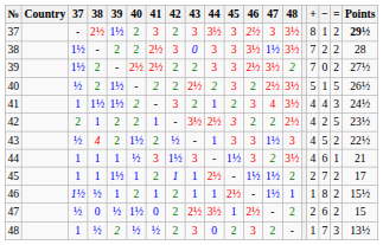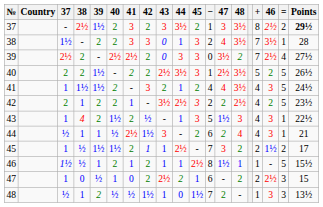 <table class="wikitable" style="text-align:center">
 <tr>
 <th>№</th>
 <th>Country</th>
 <th>37</th>
 <th>38</th>
 <th>39</th>
 <th>40</th>
 <th>41</th>
 <th>42</th>
 <th>43</th>
 <th>44</th>
 <th>45</th>
-<th>46</th>
+<th>−</th>
 <th>47</th>
 <th>48</th>
 <th></th>
 <th>+</th>
-<th>−</th>
+<th>46</th>
 <th>=</th>
 <th>Points</th>
 </tr>
 <tr>
 <td>37</td>
 <td style="text-align: left"></td>
 <td>-</td>
 <td style="color:red;">2½</td>
 <td style="color:blue;">1½</td>
 <td style="color:green;">2</td>
 <td style="color:red;">3</td>
 <td style="color:green;">2</td>
 <td style="color:red;">3</td>
 <td style="color:red;">3½</td>
-<td style="color:red;">3</td>
-<td style="color:red;"><em>2½</em></td>
+<td style="color:green;">2</td>
+<td>1</td>
 <td style="color:red;">3</td>
 <td style="color:red;">3½</td>
 <th></th>
 <td>8</td>
-<td>1</td>
+<td style="color:red;"><em>2½</em></td>
 <td>2</td>
 <td><strong>29½</strong></td>
 </tr>
 <tr>
 <td>38</td>
 <td style="text-align: left"></td>
 <td style="color:blue;">1½</td>
 <td>-</td>
 <td style="color:green;">2</td>
 <td style="color:green;">2</td>
-<td style="color:red;">2½</td>
+<td style="color:red;">3</td>
 <td style="color:red;">3</td>
 <td style="color:blue;"><em>0</em></td>
+<td style="color:blue;">1</td>
 <td style="color:red;">3</td>
-<td style="color:red;">3</td>
-<td style="color:red;">3½</td>
-<td style="color:blue;">1½</td>
+<td>2</td>
+<td style="color:red;">4</td>
 <td style="color:red;">3½</td>
 <th></th>
 <td>7</td>
-<td>2</td>
-<td>2</td>
+<td style="color:red;">3½</td>
+<td>1</td>
 <td>28</td>
 </tr>
 <tr>
 <td>39</td>
 <td style="text-align: left"></td>
-<td style="color:blue;">1½</td>
+<td style="color:red;">2½</td>
 <td style="color:green;">2</td>
 <td>-</td>
 <td style="color:red;">2½</td>
 <td style="color:red;">2½</td>
 <td style="color:green;">2</td>
-<td style="color:green;">2</td>
+<td style="color:blue;"><em>0</em></td>
 <td style="color:red;">3</td>
 <td style="color:red;">3</td>
-<td style="color:red;">2½</td>
+<td>0</td>
 <td style="color:red;">3½</td>
 <td style="color:green;"><em>2</em></td>
 <th></th>
 <td>7</td>
-<td>0</td>
-<td>2</td>
+<td style="color:red;">2½</td>
+<td>4</td>
 <td>27½</td>
 </tr>
 <tr>
 <td>40</td>
 <td style="text-align: left"></td>
-<td style="color:blue;">½</td>
+<td style="color:green;">2</td>
 <td style="color:green;">2</td>
 <td style="color:blue;">1½</td>
 <td>-</td>
 <td style="color:green;"><em>2</em></td>
 <td style="color:green;">2</td>
 <td style="color:red;">2½</td>
-<td style="color:green;"><em>2</em></td>
+<td style="color:red;">3½</td>
 <td style="color:red;">3</td>
-<td style="color:green;">2</td>
+<td>1</td>
 <td style="color:red;">2½</td>
 <td style="color:red;">3½</td>
 <th></th>
 <td>5</td>
-<td>1</td>
+<td style="color:green;">2</td>
 <td>5</td>
 <td>26½</td>
 </tr>
 <tr>
 <td>41</td>
 <td style="text-align: left"></td>
 <td style="color:blue;">1</td>
 <td style="color:blue;">1½</td>
 <td style="color:blue;">1½</td>
 <td style="color:green;"><em>2</em></td>
 <td>-</td>
 <td style="color:red;">3</td>
 <td style="color:green;">2</td>
 <td style="color:blue;">1</td>
 <td style="color:green;">2</td>
-<td style="color:red;">3</td>
+<td>4</td>
 <td style="color:red;">4</td>
 <td style="color:red;">3½</td>
 <th></th>
 <td>4</td>
-<td>4</td>
-<td>3</td>
+<td style="color:red;">3</td>
+<td>5</td>
 <td>24½</td>
 </tr>
 <tr>
 <td>42</td>
 <td style="text-align: left"></td>
 <td style="color:green;">2</td>
 <td style="color:blue;">1</td>
 <td style="color:green;">2</td>
 <td style="color:green;">2</td>
 <td style="color:blue;">1</td>
 <td>-</td>
 <td style="color:red;">3½</td>
 <td style="color:red;">2½</td>
 <td style="color:red;"><em>3</em></td>
-<td style="color:green;">2</td>
+<td>2</td>
 <td style="color:green;">2</td>
 <td style="color:red;">2½</td>
 <th></th>
 <td>4</td>
-<td>2</td>
+<td style="color:green;">2</td>
 <td>5</td>
 <td>23½</td>
 </tr>
 <tr>
 <td>43</td>
 <td style="text-align: left"></td>
-<td style="color:blue;">½</td>
+<td style="color:blue;">1</td>
 <td style="color:red;"><em>4</em></td>
 <td style="color:green;">2</td>
 <td style="color:blue;">1½</td>
 <td style="color:green;">2</td>
 <td style="color:blue;">½</td>
 <td>-</td>
 <td style="color:blue;">1</td>
 <td style="color:red;">3</td>
-<td style="color:red;">3</td>
+<td>5</td>
 <td style="color:blue;">1½</td>
 <td style="color:red;">3</td>
 <th></th>
 <td>4</td>
-<td>5</td>
-<td>2</td>
+<td style="color:red;">3</td>
+<td>1</td>
 <td>22½</td>
 </tr>
 <tr>
 <td>44</td>
 <td style="text-align: left"></td>
-<td style="color:blue;">1</td>
+<td style="color:blue;">½</td>
 <td style="color:blue;">1</td>
 <td style="color:blue;">1</td>
 <td style="color:blue;">½</td>
-<td style="color:red;">3</td>
+<td style="color:red;">2½</td>
 <td style="color:blue;">1½</td>
 <td style="color:red;">3</td>
 <td>-</td>
-<td style="color:blue;">1½</td>
-<td style="color:red;">3</td>
+<td style="color:green;">2</td>
+<td>6</td>
 <td style="color:green;"><em>2</em></td>
-<td style="color:red;">3½</td>
+<td style="color:red;">4</td>
 <th></th>
 <td>4</td>
-<td>6</td>
+<td style="color:red;">3</td>
 <td>1</td>
 <td>21</td>
 </tr>
 <tr>
 <td>45</td>
 <td style="text-align: left"></td>
 <td style="color:blue;">1</td>
-<td style="color:blue;">1</td>
+<td style="color:blue;">½</td>
 <td style="color:blue;">1½</td>
-<td style="color:blue;">1</td>
+<td style="color:blue;">1½</td>
 <td style="color:green;">2</td>
 <td style="color:blue;"><em>1</em></td>
 <td style="color:blue;">1</td>
 <td style="color:red;">2½</td>
 <td>-</td>
-<td style="color:blue;">1½</td>
-<td style="color:blue;">1½</td>
+<td>7</td>
+<td style="color:red;">3</td>
 <td style="color:green;">2</td>
 <th></th>
 <td>2</td>
-<td>7</td>
+<td style="color:blue;">1½</td>
 <td>2</td>
 <td>17</td>
 </tr>
 <tr>
 <td>46</td>
 <td style="text-align: left"></td>
 <td style="color:blue;"><em>1½</em></td>
 <td style="color:blue;">½</td>
 <td style="color:blue;">1</td>
 <td style="color:green;">2</td>
 <td style="color:blue;">1</td>
 <td style="color:green;">2</td>
 <td style="color:blue;">1</td>
 <td style="color:blue;">1</td>
 <td style="color:red;">2½</td>
-<td>-</td>
+<td>8</td>
 <td style="color:blue;">1½</td>
 <td style="color:blue;">1</td>
 <th></th>
 <td>1</td>
-<td>8</td>
-<td>2</td>
+<td>-</td>
+<td>5</td>
 <td>15½</td>
 </tr>
 <tr>
 <td>47</td>
 <td style="text-align: left"></td>
-<td style="color:blue;">½</td>
+<td style="color:blue;">1</td>
 <td style="color:blue;">0</td>
 <td style="color:blue;">½</td>
-<td style="color:blue;">1½</td>
+<td style="color:blue;">1</td>
 <td style="color:blue;">0</td>
 <td style="color:green;">2</td>
 <td style="color:red;">2½</td>
-<td style="color:red;">3½</td>
+<td style="color:green;"><em>2</em></td>
 <td style="color:blue;">1</td>
-<td style="color:red;">2½</td>
+<td>6</td>
 <td>-</td>
 <td style="color:green;">2</td>
 <th></th>
 <td>2</td>
-<td>6</td>
-<td>2</td>
+<td style="color:red;">2½</td>
+<td>3</td>
 <td>15</td>
 </tr>
 <tr>
 <td>48</td>
 <td style="text-align: left"></td>
+<td style="color:blue;">½</td>
 <td style="color:blue;">1</td>
-<td style="color:blue;">½</td>
 <td style="color:green;"><em>2</em></td>
 <td style="color:blue;">½</td>
 <td style="color:blue;">½</td>
-<td style="color:green;">2</td>
-<td style="color:red;">3</td>
+<td style="color:blue;">1½</td>
+<td style="color:blue;">1</td>
 <td style="color:blue;">0</td>
-<td style="color:green;">2</td>
-<td style="color:red;">3</td>
+<td style="color:blue;">1½</td>
+<td>7</td>
 <td style="color:green;">2</td>
 <td>-</td>
 <th></th>
 <td>1</td>
-<td>7</td>
+<td style="color:red;">3</td>
 <td>3</td>
 <td>13½</td>
 </tr>
 </table>
